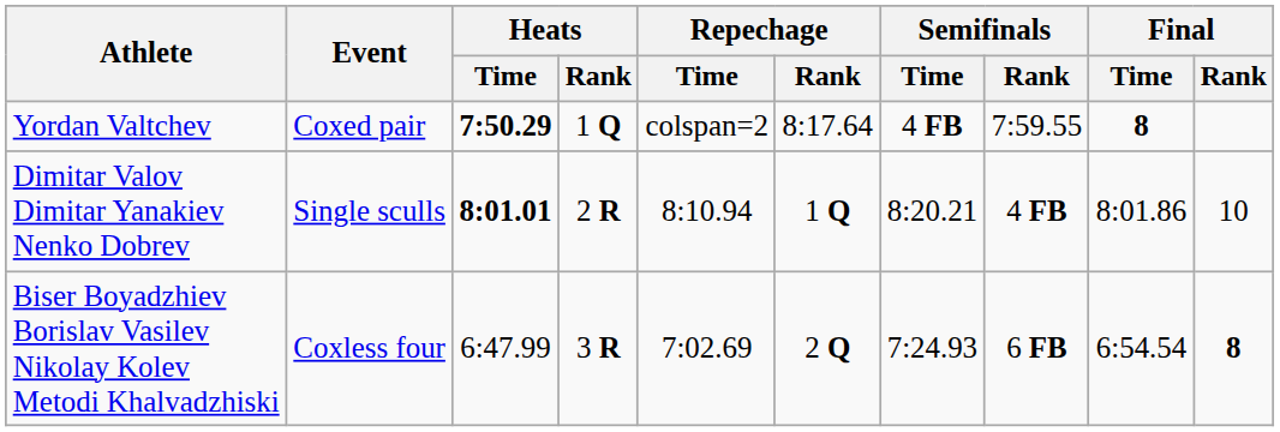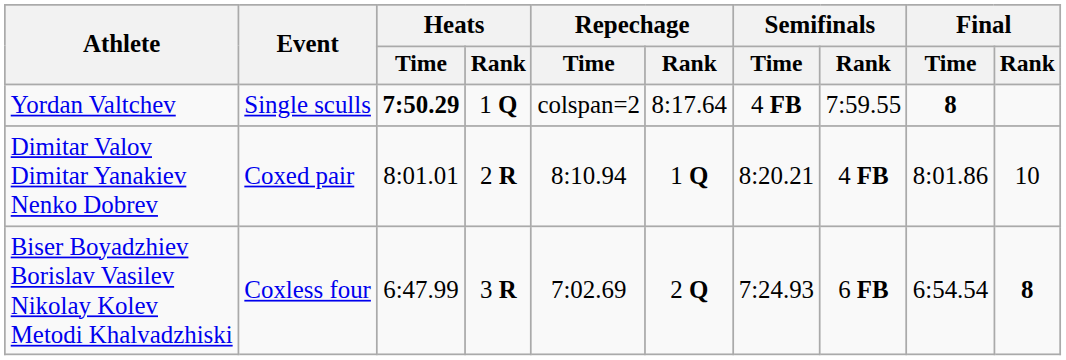 <table class="wikitable" style="font-size:90%; text-align:center;">
 <tr>
 <th rowspan="2">Athlete</th>
 <th rowspan="2">Event</th>
 <th colspan="2">Heats</th>
 <th colspan="2">Repechage</th>
 <th colspan="2">Semifinals</th>
 <th colspan="2">Final</th>
 </tr>
 <tr style="font-size:95%">
 <th>Time</th>
 <th>Rank</th>
 <th>Time</th>
 <th>Rank</th>
 <th>Time</th>
 <th>Rank</th>
 <th>Time</th>
 <th>Rank</th>
 </tr>
 <tr>
 <td align=left><a href='#'>Yordan Valtchev</a></td>
-<td align=left><a href='#'>Coxed pair</a></td>
+<td align=left><a href='#'>Single sculls</a></td>
 <td><strong>7:50.29</strong></td>
 <td>1 <strong>Q</strong></td>
 <td>colspan=2 </td>
 <td>8:17.64</td>
 <td>4 <strong>FB</strong></td>
 <td>7:59.55</td>
 <td><strong>8</strong></td>
 </tr>
 <tr>
 <td align=left><a href='#'>Dimitar Valov</a><br><a href='#'>Dimitar Yanakiev</a><br><a href='#'>Nenko Dobrev</a></td>
-<td align=left><a href='#'>Single sculls</a></td>
-<td><strong>8:01.01</strong></td>
+<td align=left><a href='#'>Coxed pair</a></td>
+<td>8:01.01</td>
 <td>2 <strong>R</strong></td>
 <td>8:10.94</td>
 <td>1 <strong>Q</strong></td>
 <td>8:20.21</td>
 <td>4 <strong>FB</strong></td>
 <td>8:01.86</td>
 <td>10</td>
 </tr>
 <tr>
 <td align=left><a href='#'>Biser Boyadzhiev</a><br><a href='#'>Borislav Vasilev</a><br><a href='#'>Nikolay Kolev</a><br><a href='#'>Metodi Khalvadzhiski</a></td>
 <td align=left><a href='#'>Coxless four</a></td>
 <td>6:47.99</td>
 <td>3 <strong>R</strong></td>
 <td>7:02.69</td>
 <td>2 <strong>Q</strong></td>
 <td>7:24.93</td>
 <td>6 <strong>FB</strong></td>
 <td>6:54.54</td>
 <td><strong>8</strong></td>
 </tr>
 </table>
